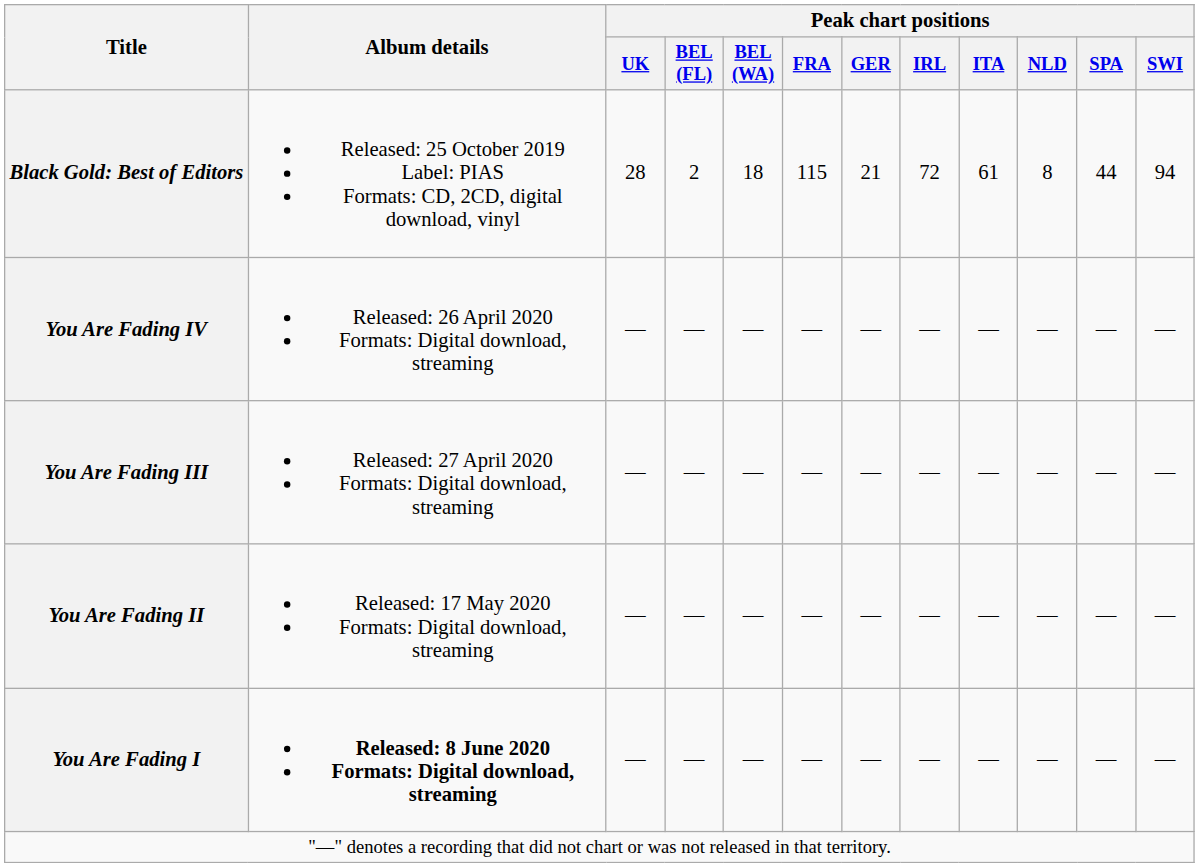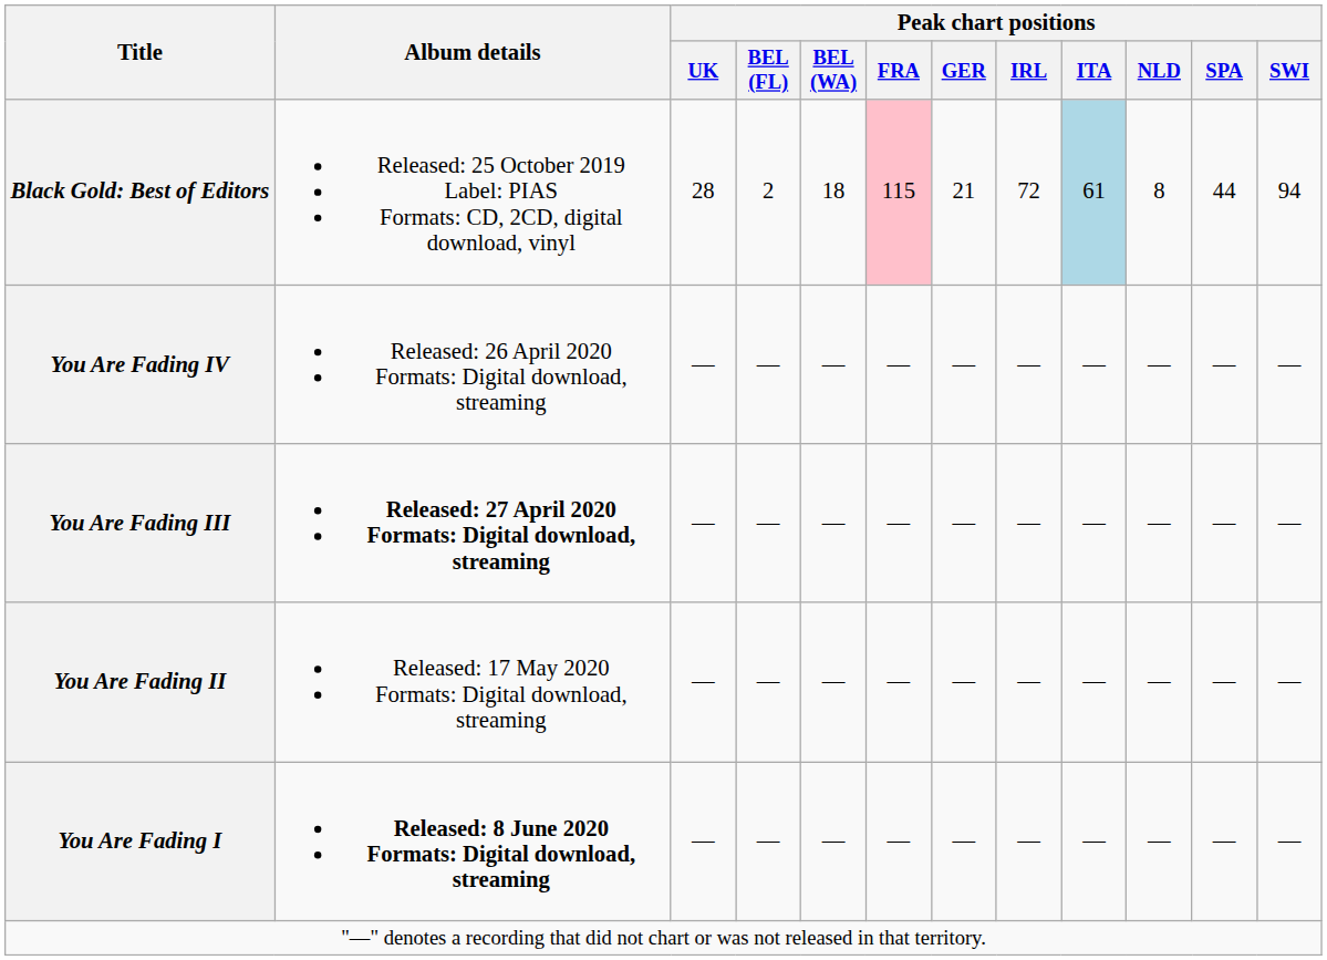 <table class="wikitable plainrowheaders" style="text-align:center;" border="1">
 <tr>
 <th scope="col" rowspan="2">Title</th>
 <th scope="col" rowspan="2" width="270">Album details</th>
 <th scope="col" colspan="10">Peak chart positions</th>
 </tr>
 <tr>
 <th scope="col" style="width:2.7em;font-size:90%;"><a href='#'>UK</a><br></th>
 <th scope="col" style="width:2.7em;font-size:90%;"><a href='#'>BEL<br>(FL)</a><br></th>
 <th scope="col" style="width:2.7em;font-size:90%;"><a href='#'>BEL<br>(WA)</a><br></th>
 <th scope="col" style="width:2.7em;font-size:90%;"><a href='#'>FRA</a><br></th>
 <th scope="col" style="width:2.7em;font-size:90%;"><a href='#'>GER</a><br></th>
 <th scope="col" style="width:2.7em;font-size:90%;"><a href='#'>IRL</a><br></th>
 <th scope="col" style="width:2.7em;font-size:90%;"><a href='#'>ITA</a><br></th>
 <th scope="col" style="width:2.7em;font-size:90%;"><a href='#'>NLD</a><br></th>
 <th scope="col" style="width:2.7em;font-size:90%;"><a href='#'>SPA</a><br></th>
 <th scope="col" style="width:2.7em;font-size:90%;"><a href='#'>SWI</a><br></th>
 </tr>
 <tr>
 <th scope="row"><em>Black Gold: Best of Editors</em></th>
 <td><br><ul><li>Released: 25 October 2019</li><li>Label: PIAS</li><li>Formats: CD, 2CD, digital download, vinyl</li></ul></td>
 <td>28</td>
 <td>2</td>
 <td>18</td>
-<td>115</td>
+<td style="background: pink;">115</td>
 <td>21</td>
 <td>72</td>
-<td>61</td>
+<td style="background: lightblue;">61</td>
 <td>8</td>
 <td>44</td>
 <td>94</td>
 </tr>
 <tr>
 <th scope="row"><em>You Are Fading IV</em></th>
 <td><br><ul><li>Released: 26 April 2020</li><li>Formats: Digital download, streaming</li></ul></td>
 <td>—</td>
 <td>—</td>
 <td>—</td>
 <td>—</td>
 <td>—</td>
 <td>—</td>
 <td>—</td>
 <td>—</td>
 <td>—</td>
 <td>—</td>
 </tr>
 <tr>
 <th scope="row"><em>You Are Fading III</em></th>
-<td><br><ul><li>Released: 27 April 2020</li><li>Formats: Digital download, streaming</li></ul></td>
+<td><strong><br><ul><li>Released: 27 April 2020</li><li>Formats: Digital download, streaming</li></ul></strong></td>
 <td>—</td>
 <td>—</td>
 <td>—</td>
 <td>—</td>
 <td>—</td>
 <td>—</td>
 <td>—</td>
 <td>—</td>
 <td>—</td>
 <td>—</td>
 </tr>
 <tr>
 <th scope="row"><em>You Are Fading II</em></th>
 <td><br><ul><li>Released: 17 May 2020</li><li>Formats: Digital download, streaming</li></ul></td>
 <td>—</td>
 <td>—</td>
 <td>—</td>
 <td>—</td>
 <td>—</td>
 <td>—</td>
 <td>—</td>
 <td>—</td>
 <td>—</td>
 <td>—</td>
 </tr>
 <tr>
 <th scope="row"><em>You Are Fading I</em></th>
 <td><strong><br><ul><li>Released: 8 June 2020</li><li>Formats: Digital download, streaming</li></ul></strong></td>
 <td>—</td>
 <td>—</td>
 <td>—</td>
 <td>—</td>
 <td>—</td>
 <td>—</td>
 <td>—</td>
 <td>—</td>
 <td>—</td>
 <td>—</td>
 </tr>
 <tr>
 <td colspan="18" style="font-size:90%">"—" denotes a recording that did not chart or was not released in that territory.</td>
 </tr>
 </table>
